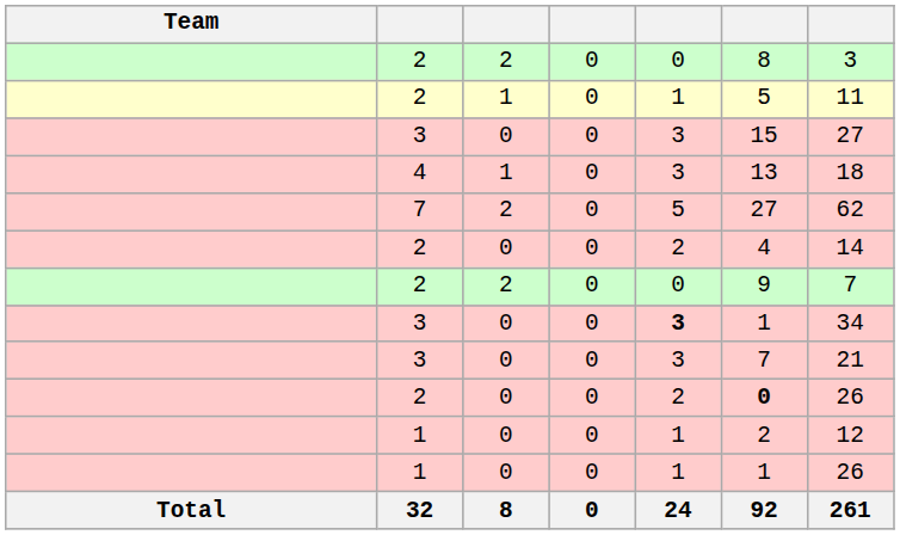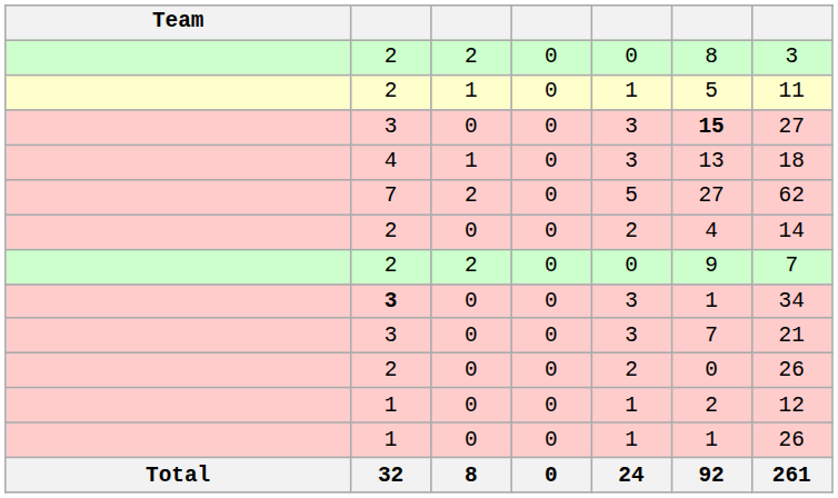 <table class="wikitable" style="font-size:95%; text-align:center">
 <tr>
 <th width=192>Team</th>
 <th width=40></th>
 <th width=40></th>
 <th width=40></th>
 <th width=40></th>
 <th width=40></th>
 <th width=40></th>
 </tr>
 <tr style="background:#ccffcc;">
 <td style="text-align:left;"></td>
 <td>2</td>
 <td>2</td>
 <td>0</td>
 <td>0</td>
 <td>8</td>
 <td>3</td>
 </tr>
 <tr style="background:#ffffcc;">
 <td style="text-align:left;"></td>
 <td>2</td>
 <td>1</td>
 <td>0</td>
 <td>1</td>
 <td>5</td>
 <td>11</td>
 </tr>
 <tr style="background:#ffcccc;">
 <td style="text-align:left;"></td>
 <td>3</td>
 <td>0</td>
 <td>0</td>
 <td>3</td>
-<td>15</td>
+<td><strong>15</strong></td>
 <td>27</td>
 </tr>
 <tr style="background:#ffcccc;">
 <td style="text-align:left;"></td>
 <td>4</td>
 <td>1</td>
 <td>0</td>
 <td>3</td>
 <td>13</td>
 <td>18</td>
 </tr>
 <tr style="background:#ffcccc;">
 <td style="text-align:left;"></td>
 <td>7</td>
 <td>2</td>
 <td>0</td>
 <td>5</td>
 <td>27</td>
 <td>62</td>
 </tr>
 <tr style="background:#ffcccc;">
 <td style="text-align:left;"></td>
 <td>2</td>
 <td>0</td>
 <td>0</td>
 <td>2</td>
 <td>4</td>
 <td>14</td>
 </tr>
 <tr style="background:#ccffcc;">
 <td style="text-align:left;"></td>
 <td>2</td>
 <td>2</td>
 <td>0</td>
 <td>0</td>
 <td>9</td>
 <td>7</td>
 </tr>
 <tr style="background:#ffcccc;">
 <td style="text-align:left;"></td>
-<td>3</td>
+<td><strong>3</strong></td>
 <td>0</td>
 <td>0</td>
-<td><strong>3</strong></td>
+<td>3</td>
 <td>1</td>
 <td>34</td>
 </tr>
 <tr style="background:#ffcccc;">
 <td style="text-align:left;"></td>
 <td>3</td>
 <td>0</td>
 <td>0</td>
 <td>3</td>
 <td>7</td>
 <td>21</td>
 </tr>
 <tr style="background:#ffcccc;">
 <td style="text-align:left;"></td>
 <td>2</td>
 <td>0</td>
 <td>0</td>
 <td>2</td>
-<td><strong>0</strong></td>
+<td>0</td>
 <td>26</td>
 </tr>
 <tr style="background:#ffcccc;">
 <td style="text-align:left;"></td>
 <td>1</td>
 <td>0</td>
 <td>0</td>
 <td>1</td>
 <td>2</td>
 <td>12</td>
 </tr>
 <tr style="background:#ffcccc;">
 <td style="text-align:left;"></td>
 <td>1</td>
 <td>0</td>
 <td>0</td>
 <td>1</td>
 <td>1</td>
 <td>26</td>
 </tr>
 <tr>
 <th>Total</th>
 <th>32</th>
 <th>8</th>
 <th>0</th>
 <th>24</th>
 <th>92</th>
 <th>261</th>
 </tr>
 </table>
